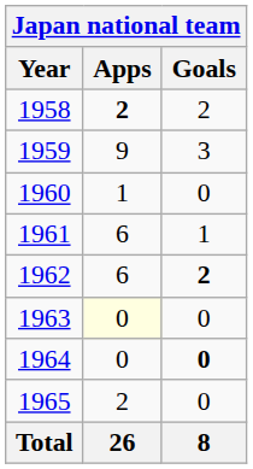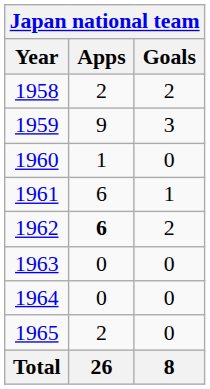 <table class="wikitable" style="text-align:center">
 <tr>
 <th colspan=3><a href='#'>Japan national team</a></th>
 </tr>
 <tr>
 <th>Year</th>
 <th>Apps</th>
 <th>Goals</th>
 </tr>
 <tr>
 <td><a href='#'>1958</a></td>
-<td><strong>2</strong></td>
+<td>2</td>
 <td>2</td>
 </tr>
 <tr>
 <td><a href='#'>1959</a></td>
 <td>9</td>
 <td>3</td>
 </tr>
 <tr>
 <td><a href='#'>1960</a></td>
 <td>1</td>
 <td>0</td>
 </tr>
 <tr>
 <td><a href='#'>1961</a></td>
 <td>6</td>
 <td>1</td>
 </tr>
 <tr>
 <td><a href='#'>1962</a></td>
-<td>6</td>
-<td><strong>2</strong></td>
+<td><strong>6</strong></td>
+<td>2</td>
 </tr>
 <tr>
 <td><a href='#'>1963</a></td>
-<td style="background: lightyellow;">0</td>
+<td>0</td>
 <td>0</td>
 </tr>
 <tr>
 <td><a href='#'>1964</a></td>
 <td>0</td>
-<td><strong>0</strong></td>
+<td>0</td>
 </tr>
 <tr>
 <td><a href='#'>1965</a></td>
 <td>2</td>
 <td>0</td>
 </tr>
 <tr>
 <th>Total</th>
 <th>26</th>
 <th>8</th>
 </tr>
 </table>
